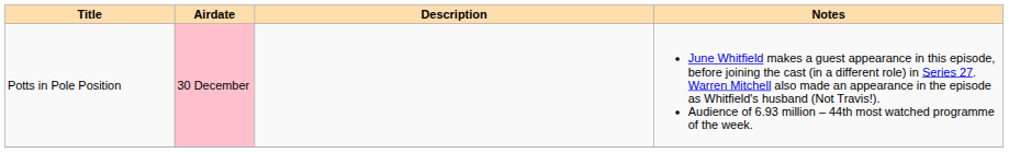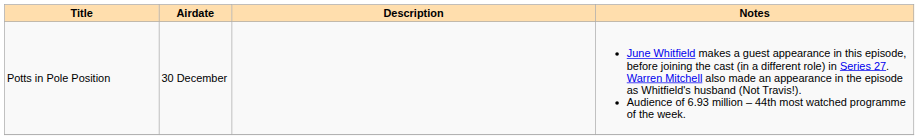 <table class="wikitable" width=100% border=1 style="font-size: 95%">
 <tr>
 <th style="background:#ffdead" width=17%>Title</th>
 <th style="background:#ffdead" width=8%>Airdate</th>
 <th style="background:#ffdead" width=40%>Description</th>
 <th style="background:#ffdead" width=35%>Notes</th>
 </tr>
 <tr>
 <td>Potts in Pole Position</td>
-<td style="background: pink;">30 December</td>
+<td>30 December</td>
 <td></td>
 <td><br><ul><li><a href='#'>June Whitfield</a> makes a guest appearance in this episode, before joining the cast (in a different role) in <a href='#'>Series 27</a>. <a href='#'>Warren Mitchell</a> also made an appearance in the episode as Whitfield's husband (Not Travis!).</li><li>Audience of 6.93 million – 44th most watched programme of the week.</li></ul></td>
 </tr>
 <tr>
 </tr>
 </table>
